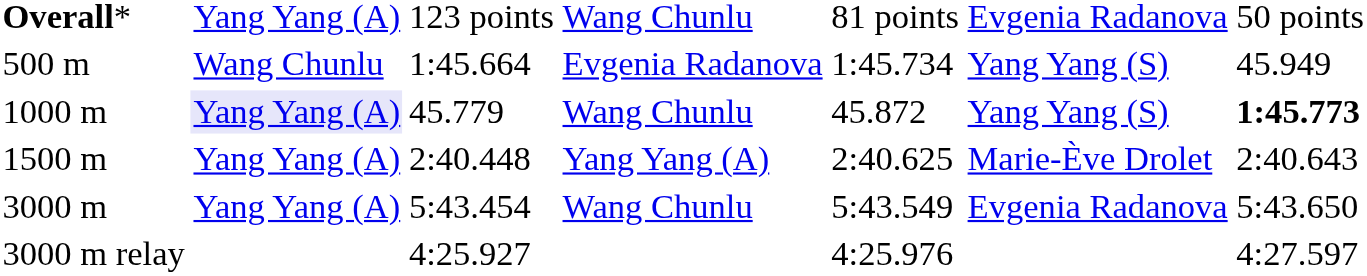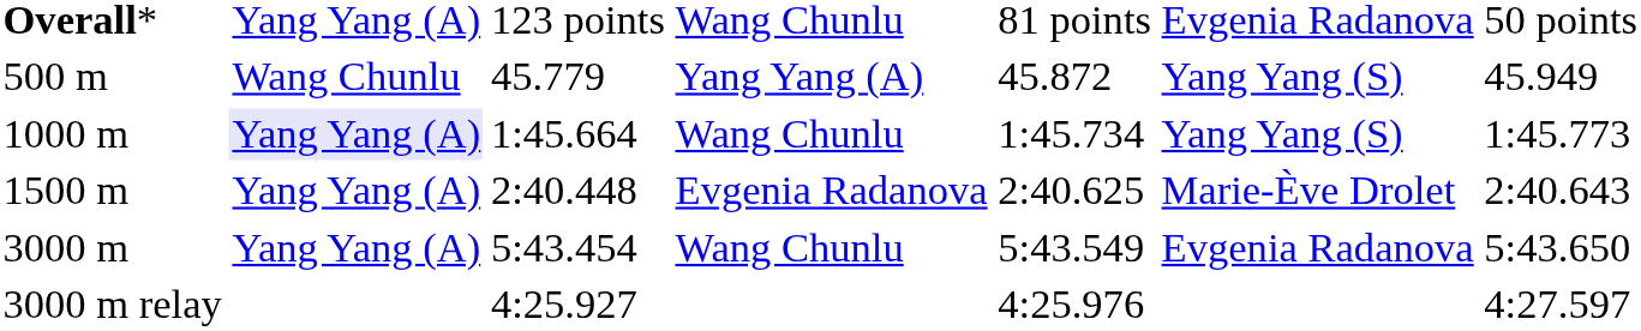 <table>
 <tr>
 <td><strong>Overall</strong>*</td>
 <td><a href='#'>Yang Yang (A)</a> <br> </td>
 <td>123 points</td>
 <td><a href='#'>Wang Chunlu</a> <br> </td>
 <td>81 points</td>
 <td><a href='#'>Evgenia Radanova</a> <br> </td>
 <td>50 points</td>
 </tr>
 <tr>
 <td>500 m</td>
 <td><a href='#'>Wang Chunlu</a> <br> </td>
-<td>1:45.664</td>
-<td><a href='#'>Evgenia Radanova</a> <br> </td>
-<td>1:45.734</td>
+<td>45.779</td>
+<td><a href='#'>Yang Yang (A)</a> <br> </td>
+<td>45.872</td>
 <td><a href='#'>Yang Yang (S)</a> <br> </td>
 <td>45.949</td>
 </tr>
 <tr>
 <td>1000 m</td>
 <td style="background: lavender;"><a href='#'>Yang Yang (A)</a> <br> </td>
-<td>45.779</td>
+<td>1:45.664</td>
 <td><a href='#'>Wang Chunlu</a> <br> </td>
-<td>45.872</td>
+<td>1:45.734</td>
 <td><a href='#'>Yang Yang (S)</a> <br> </td>
-<td><strong>1:45.773</strong></td>
+<td>1:45.773</td>
 </tr>
 <tr>
 <td>1500 m</td>
 <td><a href='#'>Yang Yang (A)</a> <br> </td>
 <td>2:40.448</td>
-<td><a href='#'>Yang Yang (A)</a> <br> </td>
+<td><a href='#'>Evgenia Radanova</a> <br> </td>
 <td>2:40.625</td>
 <td><a href='#'>Marie-Ève Drolet</a> <br> </td>
 <td>2:40.643</td>
 </tr>
 <tr>
 <td>3000 m</td>
 <td><a href='#'>Yang Yang (A)</a> <br> </td>
 <td>5:43.454</td>
 <td><a href='#'>Wang Chunlu</a> <br> </td>
 <td>5:43.549</td>
 <td><a href='#'>Evgenia Radanova</a> <br> </td>
 <td>5:43.650</td>
 </tr>
 <tr>
 <td>3000 m relay</td>
 <td></td>
 <td>4:25.927</td>
 <td></td>
 <td>4:25.976</td>
 <td></td>
 <td>4:27.597</td>
 </tr>
 </table>
